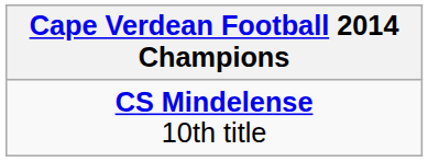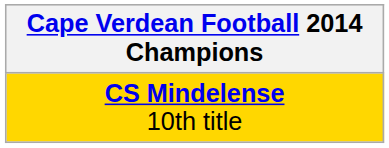 <table class="wikitable" style="margin: 0 auto; width: 240px;">
 <tr>
 <th><a href='#'>Cape Verdean Football</a> 2014<br>Champions</th>
 </tr>
 <tr>
-<td align=center><strong><a href='#'>CS Mindelense</a></strong><br>10th title</td>
+<td align=center style="background: gold;"><strong><a href='#'>CS Mindelense</a></strong><br>10th title</td>
 </tr>
 </table>
